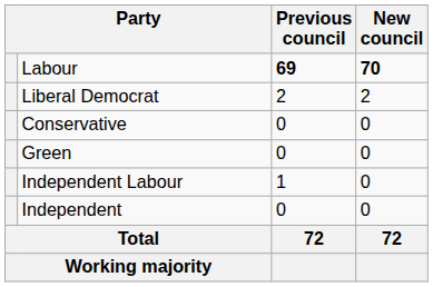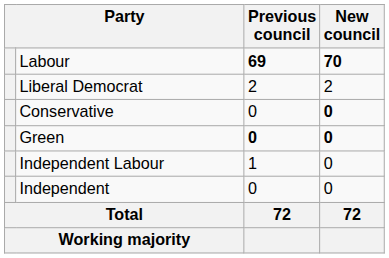 <table class="wikitable">
 <tr>
 <th valign=top colspan="2" style="width: 230px">Party</th>
 <th valign=top style="width: 30px">Previous council</th>
 <th valign=top style="width: 30px">New council</th>
 </tr>
 <tr>
 <th style="background-color: "></th>
 <td>Labour</td>
 <td><strong>69</strong></td>
 <td><strong>70</strong></td>
 </tr>
 <tr>
 <th style="background-color: "></th>
 <td>Liberal Democrat</td>
 <td>2</td>
 <td>2</td>
 </tr>
 <tr>
 <th style="background-color: "></th>
 <td>Conservative</td>
 <td>0</td>
-<td>0</td>
+<td><strong>0</strong></td>
 </tr>
 <tr>
 <th style="background-color: "></th>
 <td>Green</td>
-<td>0</td>
-<td>0</td>
+<td><strong>0</strong></td>
+<td><strong>0</strong></td>
 </tr>
 <tr>
 <th style="background-color: "></th>
 <td>Independent Labour</td>
 <td>1</td>
 <td>0</td>
 </tr>
 <tr>
 <th style="background-color: "></th>
 <td>Independent</td>
 <td>0</td>
 <td>0</td>
 </tr>
 <tr>
 <th colspan=2>Total</th>
 <th style="text-align: center">72</th>
 <th colspan=3>72</th>
 </tr>
 <tr>
 <th colspan=2>Working majority</th>
 <th></th>
 <th></th>
 </tr>
 </table>
